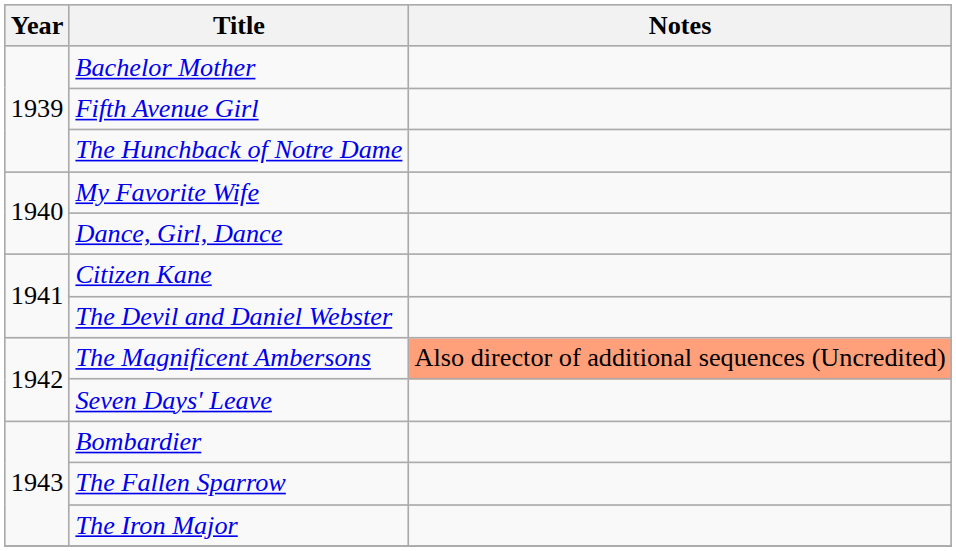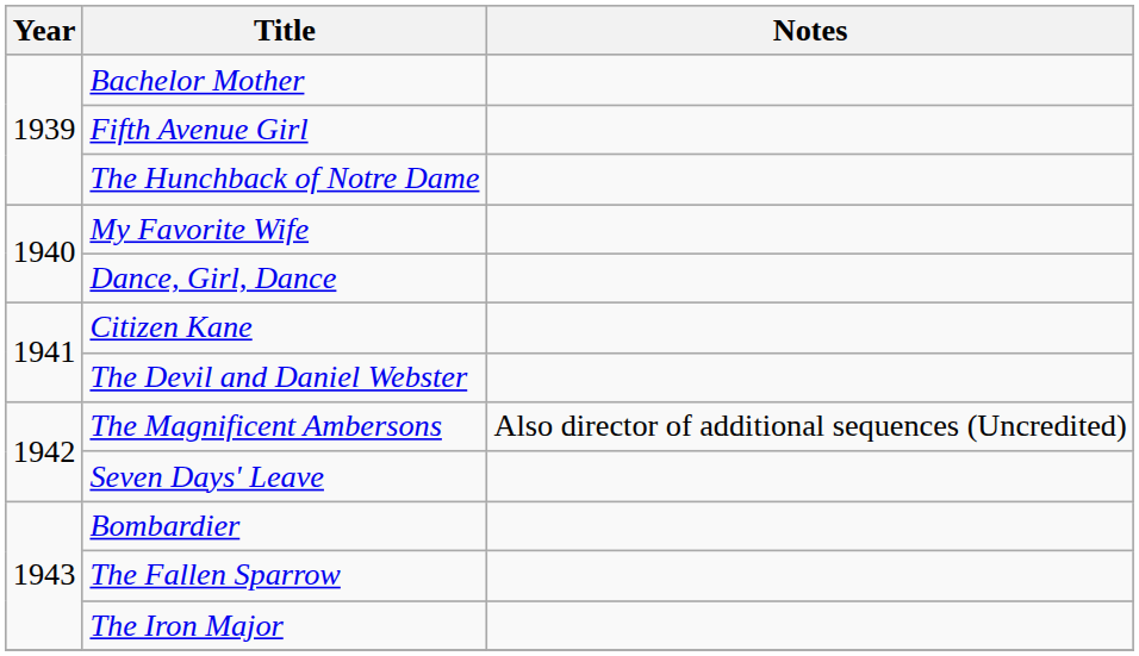 <table class="wikitable">
 <tr>
 <th>Year</th>
 <th>Title</th>
 <th>Notes</th>
 </tr>
 <tr>
 <td rowspan=3>1939</td>
 <td><em><a href='#'>Bachelor Mother</a></em></td>
 <td></td>
 </tr>
 <tr>
 <td><em><a href='#'>Fifth Avenue Girl</a></em></td>
 <td></td>
 </tr>
 <tr>
 <td><em><a href='#'>The Hunchback of Notre Dame</a></em></td>
 <td></td>
 </tr>
 <tr>
 <td rowspan=2>1940</td>
 <td><em><a href='#'>My Favorite Wife</a></em></td>
 <td></td>
 </tr>
 <tr>
 <td><em><a href='#'>Dance, Girl, Dance</a></em></td>
 <td></td>
 </tr>
 <tr>
 <td rowspan=2>1941</td>
 <td><em><a href='#'>Citizen Kane</a></em></td>
 <td></td>
 </tr>
 <tr>
 <td><em><a href='#'>The Devil and Daniel Webster</a></em></td>
 <td></td>
 </tr>
 <tr>
 <td rowspan=2>1942</td>
 <td><em><a href='#'>The Magnificent Ambersons</a></em></td>
-<td style="background: lightsalmon;">Also director of additional sequences (Uncredited)</td>
+<td>Also director of additional sequences (Uncredited)</td>
 </tr>
 <tr>
 <td><em><a href='#'>Seven Days' Leave</a></em></td>
 <td></td>
 </tr>
 <tr>
 <td rowspan=3>1943</td>
 <td><em><a href='#'>Bombardier</a></em></td>
 <td></td>
 </tr>
 <tr>
 <td><em><a href='#'>The Fallen Sparrow</a></em></td>
 <td></td>
 </tr>
 <tr>
 <td><em><a href='#'>The Iron Major</a></em></td>
 <td></td>
 </tr>
 <tr>
 </tr>
 </table>
